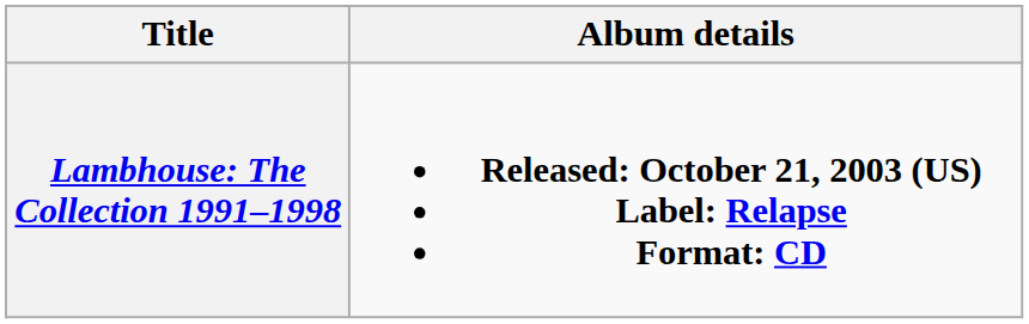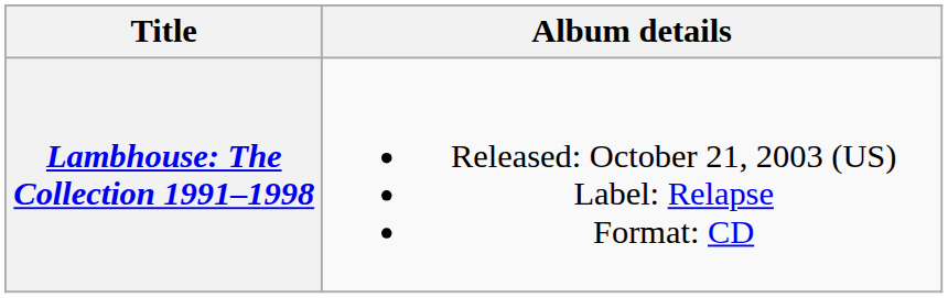 <table class="wikitable plainrowheaders" style="text-align:center;">
 <tr>
 <th scope="col" rowspan="1" style="width:9em;">Title</th>
 <th scope="col" rowspan="1" style="width:18em;">Album details</th>
 </tr>
 <tr>
 <th scope="row"><em><a href='#'>Lambhouse: The Collection 1991–1998</a></em></th>
-<td><strong><br><ul><li>Released: October 21, 2003 <span>(US)</span></li><li>Label: <a href='#'>Relapse</a></li><li>Format: <a href='#'>CD</a></li></ul></strong></td>
+<td><br><ul><li>Released: October 21, 2003 <span>(US)</span></li><li>Label: <a href='#'>Relapse</a></li><li>Format: <a href='#'>CD</a></li></ul></td>
 </tr>
 </table>
